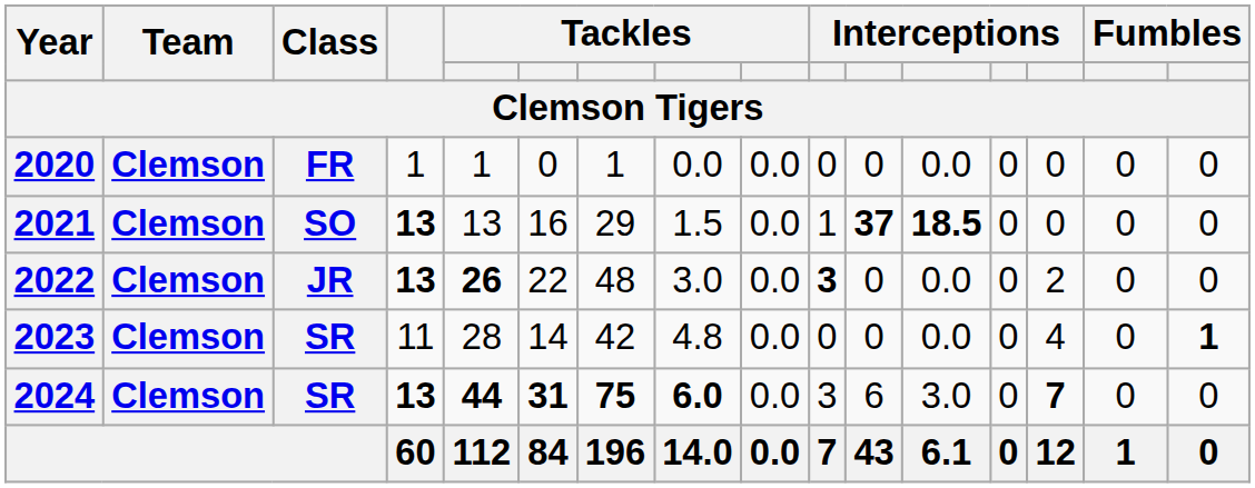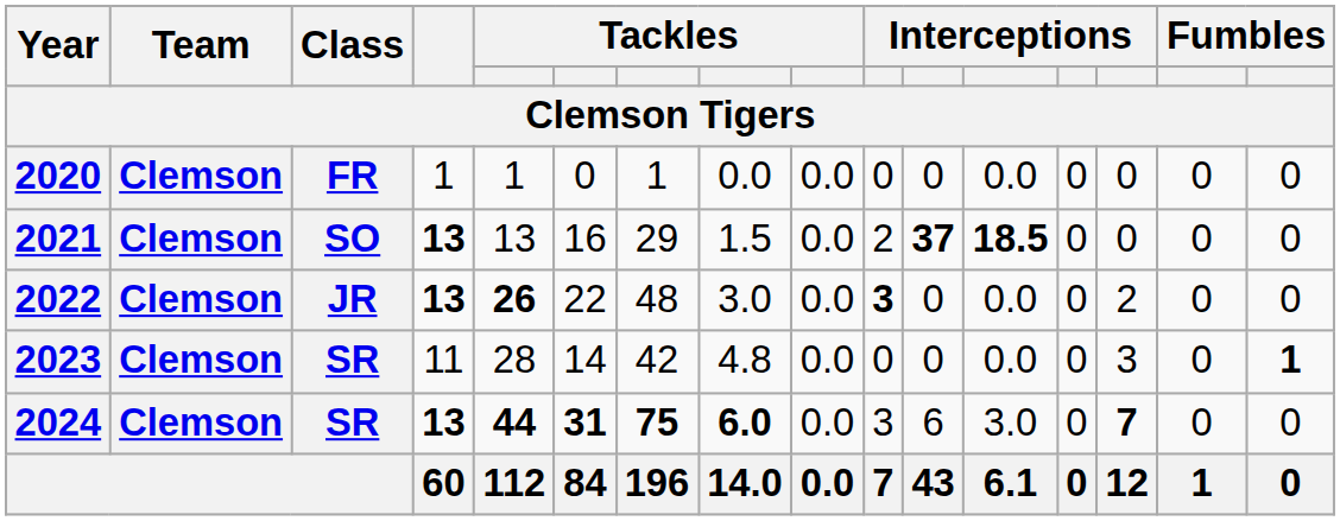 <table class="wikitable sortable" style="text-align:center;">
 <tr>
 <th rowspan="2">Year</th>
 <th rowspan="2">Team</th>
 <th rowspan="2">Class</th>
 <th rowspan="2"></th>
 <th colspan="5">Tackles</th>
 <th colspan="5">Interceptions</th>
 <th colspan="2">Fumbles</th>
 </tr>
 <tr>
 <th></th>
 <th></th>
 <th></th>
 <th></th>
 <th></th>
 <th></th>
 <th></th>
 <th></th>
 <th></th>
 <th></th>
 <th></th>
 <th></th>
 </tr>
 <tr>
 <th colspan="16">Clemson Tigers</th>
 </tr>
 <tr>
 <th><a href='#'>2020</a></th>
 <th><a href='#'>Clemson</a></th>
 <th><a href='#'>FR</a></th>
 <td>1</td>
 <td>1</td>
 <td>0</td>
 <td>1</td>
 <td>0.0</td>
 <td>0.0</td>
 <td>0</td>
 <td>0</td>
 <td>0.0</td>
 <td>0</td>
 <td>0</td>
 <td>0</td>
 <td>0</td>
 </tr>
 <tr>
 <th><a href='#'>2021</a></th>
 <th><a href='#'>Clemson</a></th>
 <th><a href='#'>SO</a></th>
 <td><strong>13</strong></td>
 <td>13</td>
 <td>16</td>
 <td>29</td>
 <td>1.5</td>
 <td>0.0</td>
-<td>1</td>
+<td>2</td>
 <td><strong>37</strong></td>
 <td><strong>18.5</strong></td>
 <td>0</td>
 <td>0</td>
 <td>0</td>
 <td>0</td>
 </tr>
 <tr>
 <th><a href='#'>2022</a></th>
 <th><a href='#'>Clemson</a></th>
 <th><a href='#'>JR</a></th>
 <td><strong>13</strong></td>
 <td><strong>26</strong></td>
 <td>22</td>
 <td>48</td>
 <td>3.0</td>
 <td>0.0</td>
 <td><strong>3</strong></td>
 <td>0</td>
 <td>0.0</td>
 <td>0</td>
 <td>2</td>
 <td>0</td>
 <td>0</td>
 </tr>
 <tr>
 <th><a href='#'>2023</a></th>
 <th><a href='#'>Clemson</a></th>
 <th><a href='#'>SR</a></th>
 <td>11</td>
 <td>28</td>
 <td>14</td>
 <td>42</td>
 <td>4.8</td>
 <td>0.0</td>
 <td>0</td>
 <td>0</td>
 <td>0.0</td>
 <td>0</td>
-<td>4</td>
+<td>3</td>
 <td>0</td>
 <td><strong>1</strong></td>
 </tr>
 <tr>
 <th><a href='#'>2024</a></th>
 <th><a href='#'>Clemson</a></th>
 <th><a href='#'>SR</a></th>
 <td><strong>13</strong></td>
 <td><strong>44</strong></td>
 <td><strong>31</strong></td>
 <td><strong>75</strong></td>
 <td><strong>6.0</strong></td>
 <td>0.0</td>
 <td>3</td>
 <td>6</td>
 <td>3.0</td>
 <td>0</td>
 <td><strong>7</strong></td>
 <td>0</td>
 <td>0</td>
 </tr>
 <tr>
 <th colspan="3"></th>
 <th>60</th>
 <th>112</th>
 <th>84</th>
 <th>196</th>
 <th>14.0</th>
 <th>0.0</th>
 <th>7</th>
 <th>43</th>
 <th>6.1</th>
 <th>0</th>
 <th>12</th>
 <th>1</th>
 <th>0</th>
 </tr>
 </table>
